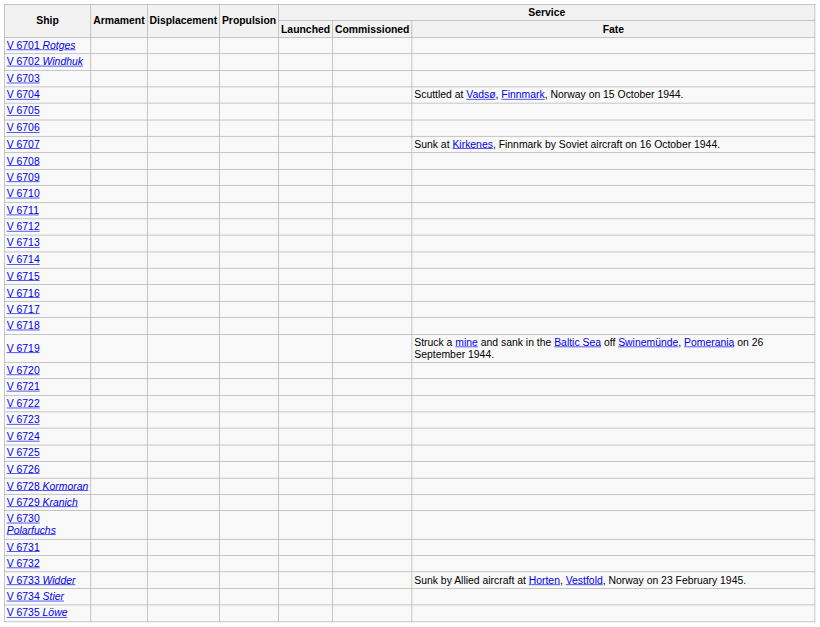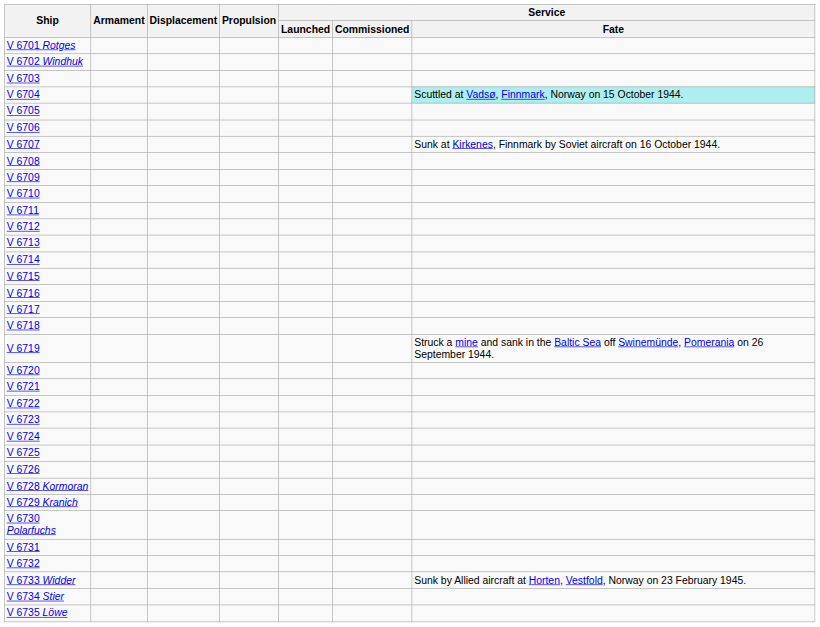 <table class="wikitable">
 <tr>
 <th rowspan="2">Ship</th>
 <th rowspan="2">Armament</th>
 <th rowspan="2">Displacement</th>
 <th rowspan="2">Propulsion</th>
 <th colspan="3">Service</th>
 </tr>
 <tr>
 <th>Launched</th>
 <th>Commissioned</th>
 <th>Fate</th>
 </tr>
 <tr>
 <td><a href='#'>V 6701 <em>Rotges</em></a></td>
 <td></td>
 <td></td>
 <td></td>
 <td></td>
 <td></td>
 <td></td>
 </tr>
 <tr>
 <td><a href='#'>V 6702 <em>Windhuk</em></a></td>
 <td></td>
 <td></td>
 <td></td>
 <td></td>
 <td></td>
 <td></td>
 </tr>
 <tr>
 <td><a href='#'>V 6703</a></td>
 <td></td>
 <td></td>
 <td></td>
 <td></td>
 <td></td>
 <td></td>
 </tr>
 <tr>
 <td><a href='#'>V 6704</a></td>
 <td></td>
 <td></td>
 <td></td>
 <td></td>
 <td></td>
-<td>Scuttled at <a href='#'>Vadsø</a>, <a href='#'>Finnmark</a>, Norway on 15 October 1944.</td>
+<td style="background: paleturquoise;">Scuttled at <a href='#'>Vadsø</a>, <a href='#'>Finnmark</a>, Norway on 15 October 1944.</td>
 </tr>
 <tr>
 <td><a href='#'>V 6705</a></td>
 <td></td>
 <td></td>
 <td></td>
 <td></td>
 <td></td>
 <td></td>
 </tr>
 <tr>
 <td><a href='#'>V 6706</a></td>
 <td></td>
 <td></td>
 <td></td>
 <td></td>
 <td></td>
 <td></td>
 </tr>
 <tr>
 <td><a href='#'>V 6707</a></td>
 <td></td>
 <td></td>
 <td></td>
 <td></td>
 <td></td>
 <td>Sunk at <a href='#'>Kirkenes</a>, Finnmark by Soviet aircraft on 16 October 1944.</td>
 </tr>
 <tr>
 <td><a href='#'>V 6708</a></td>
 <td></td>
 <td></td>
 <td></td>
 <td></td>
 <td></td>
 <td></td>
 </tr>
 <tr>
 <td><a href='#'>V 6709</a></td>
 <td></td>
 <td></td>
 <td></td>
 <td></td>
 <td></td>
 <td></td>
 </tr>
 <tr>
 <td><a href='#'>V 6710</a></td>
 <td></td>
 <td></td>
 <td></td>
 <td></td>
 <td></td>
 <td></td>
 </tr>
 <tr>
 <td><a href='#'>V 6711</a></td>
 <td></td>
 <td></td>
 <td></td>
 <td></td>
 <td></td>
 <td></td>
 </tr>
 <tr>
 <td><a href='#'>V 6712</a></td>
 <td></td>
 <td></td>
 <td></td>
 <td></td>
 <td></td>
 <td></td>
 </tr>
 <tr>
 <td><a href='#'>V 6713</a></td>
 <td></td>
 <td></td>
 <td></td>
 <td></td>
 <td></td>
 <td></td>
 </tr>
 <tr>
 <td><a href='#'>V 6714</a></td>
 <td></td>
 <td></td>
 <td></td>
 <td></td>
 <td></td>
 <td></td>
 </tr>
 <tr>
 <td><a href='#'>V 6715</a></td>
 <td></td>
 <td></td>
 <td></td>
 <td></td>
 <td></td>
 <td></td>
 </tr>
 <tr>
 <td><a href='#'>V 6716</a></td>
 <td></td>
 <td></td>
 <td></td>
 <td></td>
 <td></td>
 <td></td>
 </tr>
 <tr>
 <td><a href='#'>V 6717</a></td>
 <td></td>
 <td></td>
 <td></td>
 <td></td>
 <td></td>
 <td></td>
 </tr>
 <tr>
 <td><a href='#'>V 6718</a></td>
 <td></td>
 <td></td>
 <td></td>
 <td></td>
 <td></td>
 <td></td>
 </tr>
 <tr>
 <td><a href='#'>V 6719</a></td>
 <td></td>
 <td></td>
 <td></td>
 <td></td>
 <td></td>
 <td>Struck a <a href='#'>mine</a> and sank in the <a href='#'>Baltic Sea</a> off <a href='#'>Swinemünde</a>, <a href='#'>Pomerania</a> on 26 September 1944.</td>
 </tr>
 <tr>
 <td><a href='#'>V 6720</a></td>
 <td></td>
 <td></td>
 <td></td>
 <td></td>
 <td></td>
 <td></td>
 </tr>
 <tr>
 <td><a href='#'>V 6721</a></td>
 <td></td>
 <td></td>
 <td></td>
 <td></td>
 <td></td>
 <td></td>
 </tr>
 <tr>
 <td><a href='#'>V 6722</a></td>
 <td></td>
 <td></td>
 <td></td>
 <td></td>
 <td></td>
 <td></td>
 </tr>
 <tr>
 <td><a href='#'>V 6723</a></td>
 <td></td>
 <td></td>
 <td></td>
 <td></td>
 <td></td>
 <td></td>
 </tr>
 <tr>
 <td><a href='#'>V 6724</a></td>
 <td></td>
 <td></td>
 <td></td>
 <td></td>
 <td></td>
 <td></td>
 </tr>
 <tr>
 <td><a href='#'>V 6725</a></td>
 <td></td>
 <td></td>
 <td></td>
 <td></td>
 <td></td>
 <td></td>
 </tr>
 <tr>
 <td><a href='#'>V 6726</a></td>
 <td></td>
 <td></td>
 <td></td>
 <td></td>
 <td></td>
 <td></td>
 </tr>
 <tr>
 <td><a href='#'>V 6728 <em>Kormoran</em></a></td>
 <td></td>
 <td></td>
 <td></td>
 <td></td>
 <td></td>
 <td></td>
 </tr>
 <tr>
 <td><a href='#'>V 6729 <em>Kranich</em></a></td>
 <td></td>
 <td></td>
 <td></td>
 <td></td>
 <td></td>
 <td></td>
 </tr>
 <tr>
 <td><a href='#'>V 6730 <em>Polarfuchs</em></a></td>
 <td></td>
 <td></td>
 <td></td>
 <td></td>
 <td></td>
 <td></td>
 </tr>
 <tr>
 <td><a href='#'>V 6731</a></td>
 <td></td>
 <td></td>
 <td></td>
 <td></td>
 <td></td>
 <td></td>
 </tr>
 <tr>
 <td><a href='#'>V 6732</a></td>
 <td></td>
 <td></td>
 <td></td>
 <td></td>
 <td></td>
 <td></td>
 </tr>
 <tr>
 <td><a href='#'>V 6733 <em>Widder</em></a></td>
 <td></td>
 <td></td>
 <td></td>
 <td></td>
 <td></td>
 <td>Sunk by Allied aircraft at <a href='#'>Horten</a>, <a href='#'>Vestfold</a>, Norway on 23 February 1945.</td>
 </tr>
 <tr>
 <td><a href='#'>V 6734 <em>Stier</em></a></td>
 <td></td>
 <td></td>
 <td></td>
 <td></td>
 <td></td>
 <td></td>
 </tr>
 <tr>
 <td><a href='#'>V 6735 <em>Löwe</em></a></td>
 <td></td>
 <td></td>
 <td></td>
 <td></td>
 <td></td>
 <td></td>
 </tr>
 </table>
